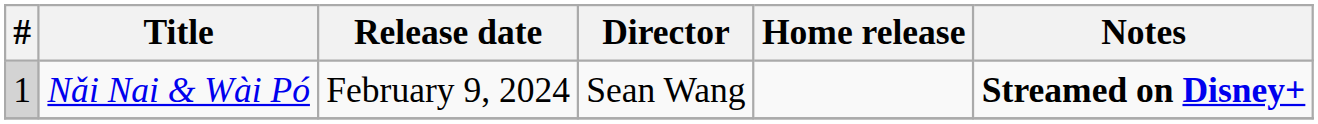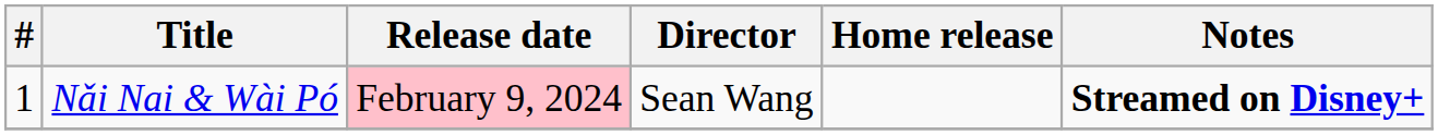 <table class="wikitable">
 <tr>
 <th>#</th>
 <th>Title</th>
 <th>Release date</th>
 <th>Director</th>
 <th>Home release</th>
 <th>Notes</th>
 </tr>
 <tr>
-<td style="background: lightgrey;">1</td>
+<td>1</td>
 <td><em><a href='#'>Nǎi Nai & Wài Pó</a></em></td>
-<td>February 9, 2024</td>
+<td style="background: pink;">February 9, 2024</td>
 <td>Sean Wang</td>
 <td></td>
 <td><strong>Streamed on <a href='#'>Disney+</a></strong></td>
 </tr>
 <tr>
 </tr>
 </table>
